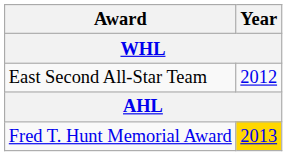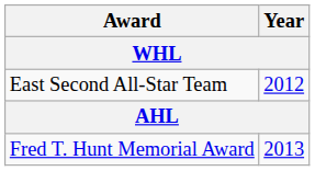 <table class="wikitable">
 <tr>
 <th>Award</th>
 <th>Year</th>
 </tr>
 <tr>
 <th colspan="3"><a href='#'>WHL</a></th>
 </tr>
 <tr>
 <td>East Second All-Star Team</td>
 <td><a href='#'>2012</a></td>
 </tr>
 <tr>
 <th colspan="3"><a href='#'>AHL</a></th>
 </tr>
 <tr>
 <td><a href='#'>Fred T. Hunt Memorial Award</a></td>
-<td style="background: gold;"><a href='#'>2013</a></td>
+<td><a href='#'>2013</a></td>
 </tr>
 </table>
